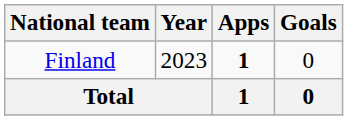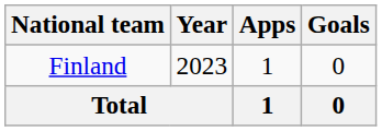 <table class="wikitable" style="text-align:center">
 <tr>
 <th>National team</th>
 <th>Year</th>
 <th>Apps</th>
 <th>Goals</th>
 </tr>
 <tr>
 <td><a href='#'>Finland</a></td>
 <td>2023</td>
-<td><strong>1</strong></td>
+<td>1</td>
 <td>0</td>
 </tr>
 <tr>
 <th colspan="2">Total</th>
 <th>1</th>
 <th>0</th>
 </tr>
 </table>
